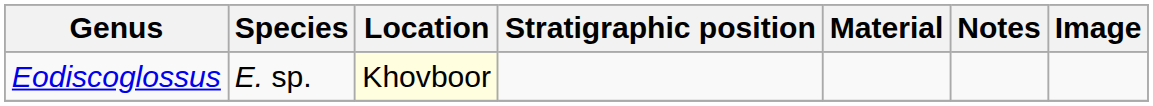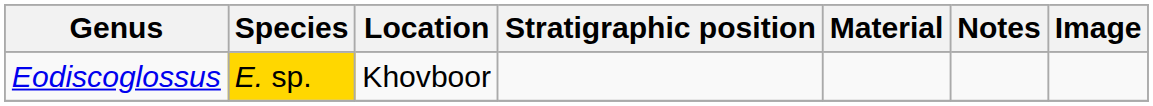 <table class="wikitable">
 <tr>
 <th>Genus</th>
 <th>Species</th>
 <th>Location</th>
 <th>Stratigraphic position</th>
 <th>Material</th>
 <th>Notes</th>
 <th>Image</th>
 </tr>
 <tr>
 <td><em><a href='#'>Eodiscoglossus</a></em></td>
-<td><em>E.</em> sp.</td>
-<td style="background: lightyellow;">Khovboor</td>
+<td style="background: gold;"><em>E.</em> sp.</td>
+<td>Khovboor</td>
 <td></td>
 <td></td>
 <td></td>
 <td></td>
 </tr>
 <tr>
 </tr>
 </table>
